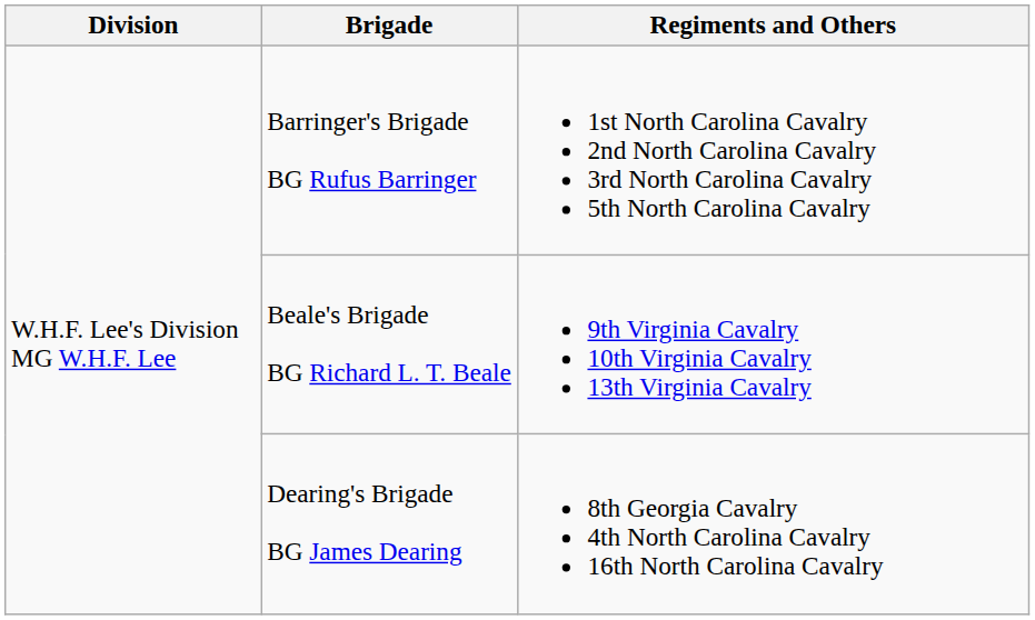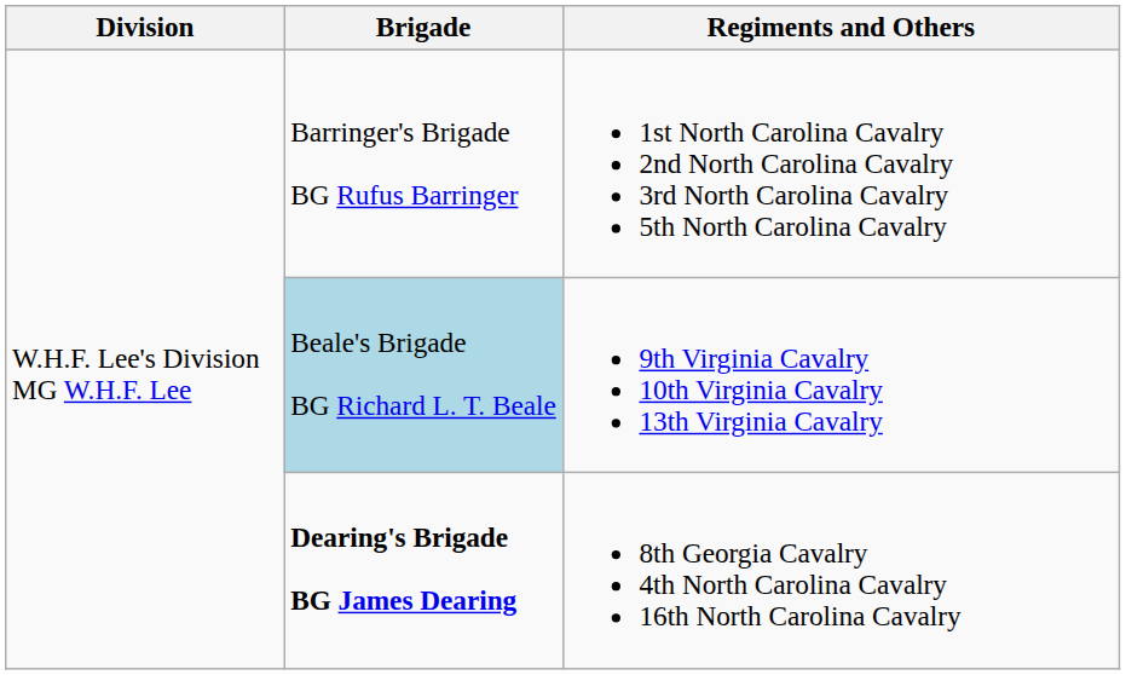 <table class="wikitable">
 <tr>
 <th style="width:25%;">Division</th>
 <th style="width:25%;">Brigade</th>
 <th>Regiments and Others</th>
 </tr>
 <tr>
 <td rowspan=3><br>W.H.F. Lee's Division <br> MG <a href='#'>W.H.F. Lee</a></td>
 <td>Barringer's Brigade<br><br> BG <a href='#'>Rufus Barringer</a></td>
 <td><br><ul><li>1st North Carolina Cavalry</li><li>2nd North Carolina Cavalry</li><li>3rd North Carolina Cavalry</li><li>5th North Carolina Cavalry</li></ul></td>
 </tr>
 <tr>
-<td>Beale's Brigade<br><br> BG <a href='#'>Richard L. T. Beale</a></td>
+<td style="background: lightblue;">Beale's Brigade<br><br> BG <a href='#'>Richard L. T. Beale</a></td>
 <td><br><ul><li><a href='#'>9th Virginia Cavalry</a></li><li><a href='#'>10th Virginia Cavalry</a></li><li><a href='#'>13th Virginia Cavalry</a></li></ul></td>
 </tr>
 <tr>
-<td>Dearing's Brigade<br><br> BG <a href='#'>James Dearing</a></td>
+<td><strong>Dearing's Brigade<br><br> BG <a href='#'>James Dearing</a></strong></td>
 <td><br><ul><li>8th Georgia Cavalry</li><li>4th North Carolina Cavalry</li><li>16th North Carolina Cavalry</li></ul></td>
 </tr>
 </table>
